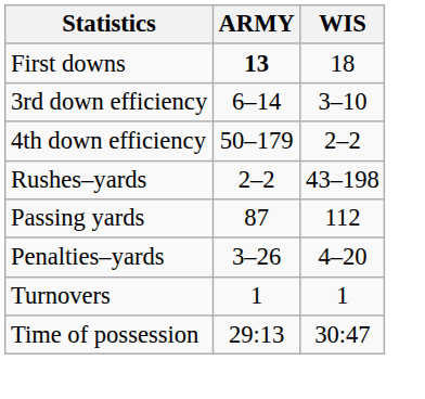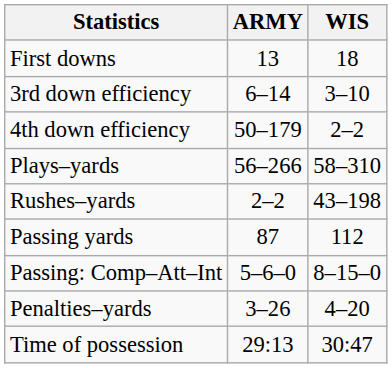 <table class="wikitable">
 <tr>
 <th>Statistics</th>
 <th>ARMY</th>
 <th>WIS</th>
 </tr>
 <tr>
 <td>First downs</td>
-<td align=center><strong>13</strong></td>
+<td align=center>13</td>
 <td align=center>18</td>
 </tr>
 <tr>
 <td>3rd down efficiency</td>
 <td align=center>6–14</td>
 <td align=center>3–10</td>
 </tr>
 <tr>
 <td>4th down efficiency</td>
 <td align=center>50–179</td>
 <td align=center>2–2</td>
 </tr>
 <tr>
+<td>Plays–yards</td>
+<td align=center>56–266</td>
+<td align=center>58–310</td>
+</tr>
+<tr>
 <td>Rushes–yards</td>
 <td align=center>2–2</td>
 <td align=center>43–198</td>
 </tr>
 <tr>
 <td>Passing yards</td>
 <td align=center>87</td>
 <td align=center>112</td>
 </tr>
 <tr>
+<td>Passing: Comp–Att–Int</td>
+<td align=center>5–6–0</td>
+<td align=center>8–15–0</td>
+</tr>
+<tr>
 <td>Penalties–yards</td>
 <td align=center>3–26</td>
 <td align=center>4–20</td>
-</tr>
-<tr>
-<td>Turnovers</td>
-<td align=center>1</td>
-<td align=center>1</td>
 </tr>
 <tr>
 <td>Time of possession</td>
 <td align=center>29:13</td>
 <td align=center>30:47</td>
 </tr>
 </table>
